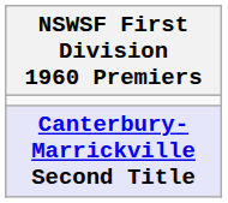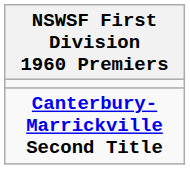 <table class="wikitable" style="text-align: center; margin: 0 auto; width: 20%">
 <tr>
 <th>NSWSF First Division<br>1960 Premiers</th>
 </tr>
 <tr>
 <td></td>
 </tr>
 <tr>
-<td style="background: lavender;"><strong><a href='#'>Canterbury-Marrickville</a></strong><br><strong>Second Title</strong></td>
+<td><strong><a href='#'>Canterbury-Marrickville</a></strong><br><strong>Second Title</strong></td>
 </tr>
 </table>
